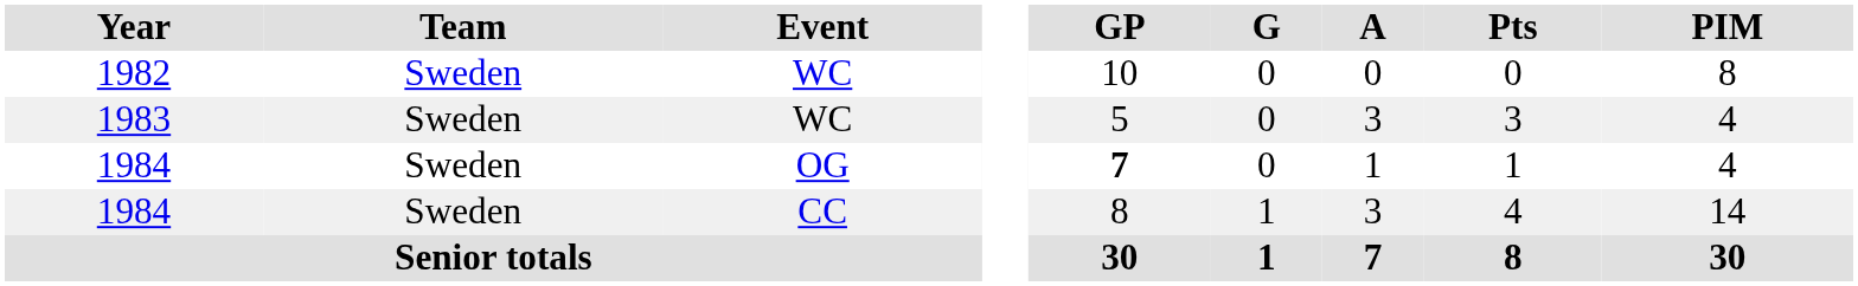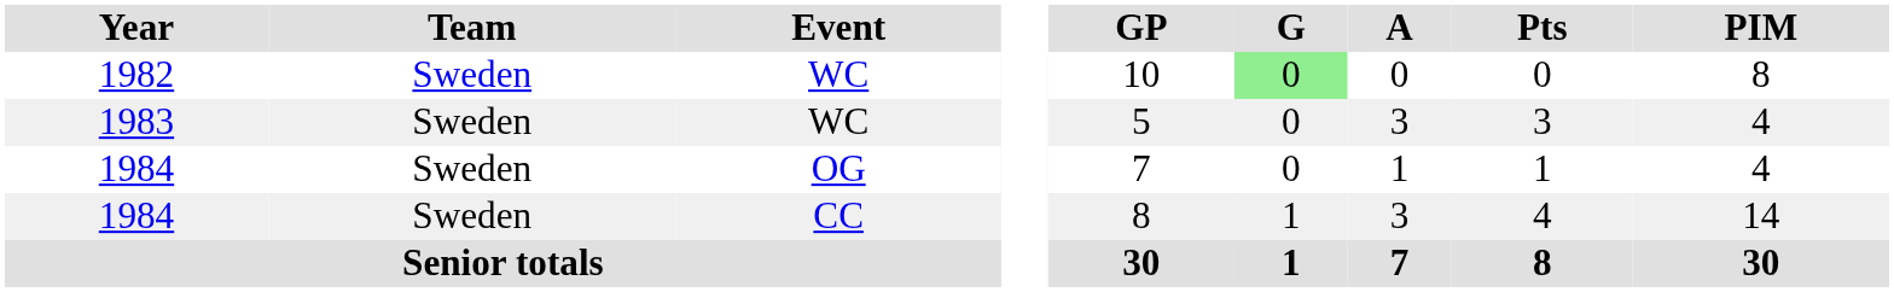 <table border="0" cellpadding="1" cellspacing="0" style="text-align:center; width:50em">
 <tr ALIGN="center" bgcolor="#e0e0e0">
 <th>Year</th>
 <th>Team</th>
 <th>Event</th>
 <th rowspan="99" bgcolor="#ffffff"> </th>
 <th>GP</th>
 <th>G</th>
 <th>A</th>
 <th>Pts</th>
 <th>PIM</th>
 </tr>
 <tr>
 <td><a href='#'>1982</a></td>
 <td><a href='#'>Sweden</a></td>
 <td><a href='#'>WC</a></td>
 <td>10</td>
-<td>0</td>
+<td style="background: lightgreen;">0</td>
 <td>0</td>
 <td>0</td>
 <td>8</td>
 </tr>
 <tr bgcolor="#f0f0f0">
 <td><a href='#'>1983</a></td>
 <td>Sweden</td>
 <td>WC</td>
 <td>5</td>
 <td>0</td>
 <td>3</td>
 <td>3</td>
 <td>4</td>
 </tr>
 <tr>
 <td><a href='#'>1984</a></td>
 <td>Sweden</td>
 <td><a href='#'>OG</a></td>
-<td><strong>7</strong></td>
+<td>7</td>
 <td>0</td>
 <td>1</td>
 <td>1</td>
 <td>4</td>
 </tr>
 <tr bgcolor="#f0f0f0">
 <td><a href='#'>1984</a></td>
 <td>Sweden</td>
 <td><a href='#'>CC</a></td>
 <td>8</td>
 <td>1</td>
 <td>3</td>
 <td>4</td>
 <td>14</td>
 </tr>
 <tr bgcolor="#e0e0e0">
 <th colspan="3">Senior totals</th>
 <th>30</th>
 <th>1</th>
 <th>7</th>
 <th>8</th>
 <th>30</th>
 </tr>
 </table>
